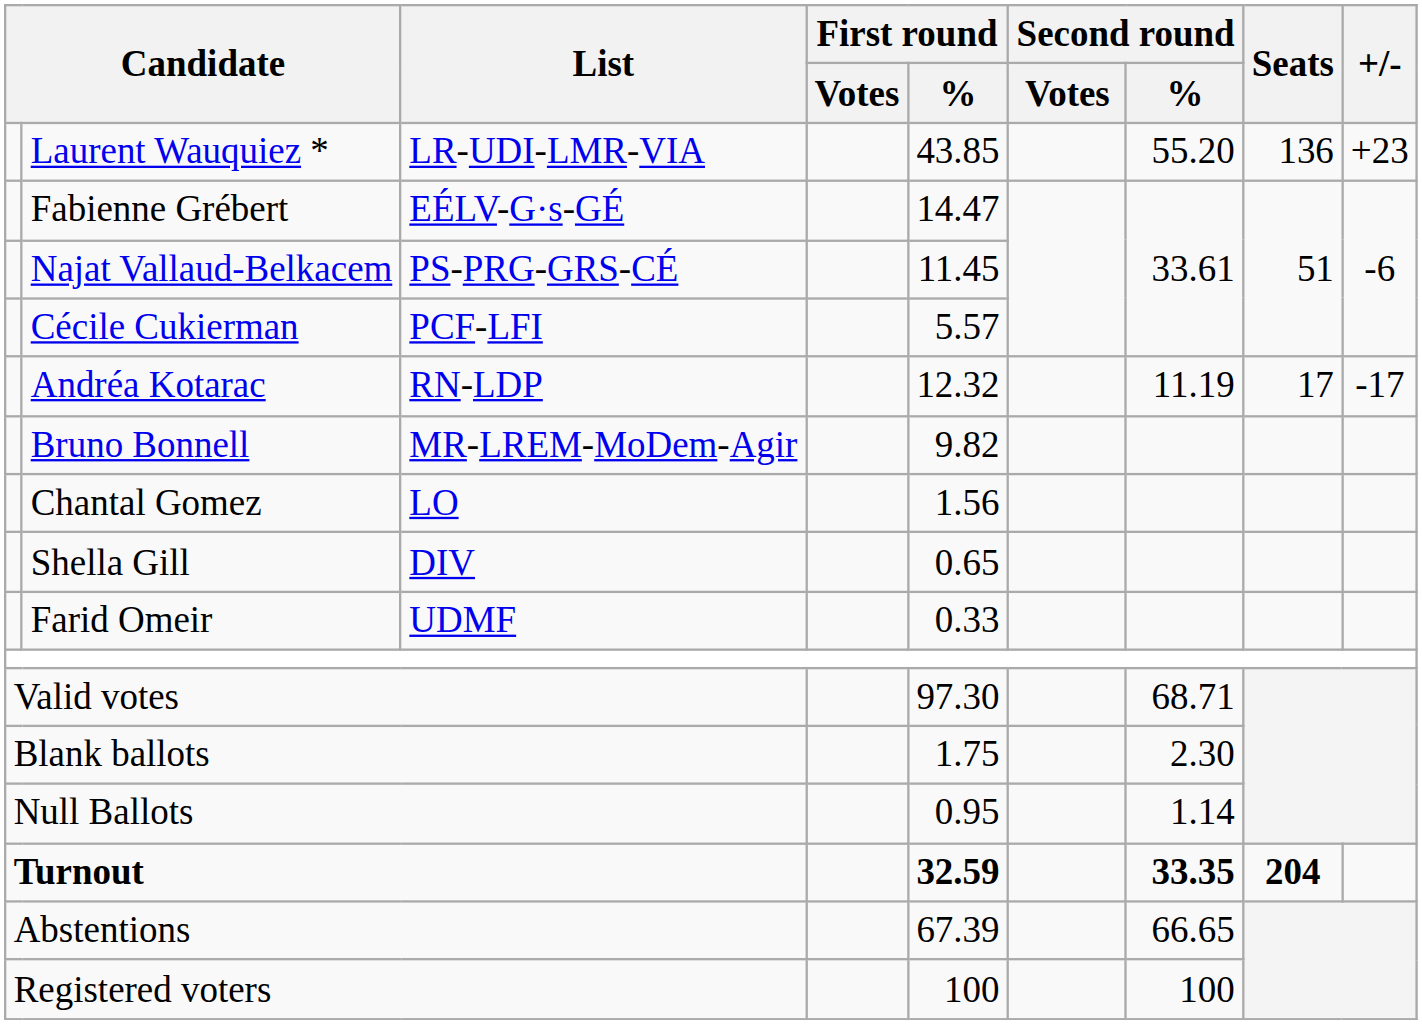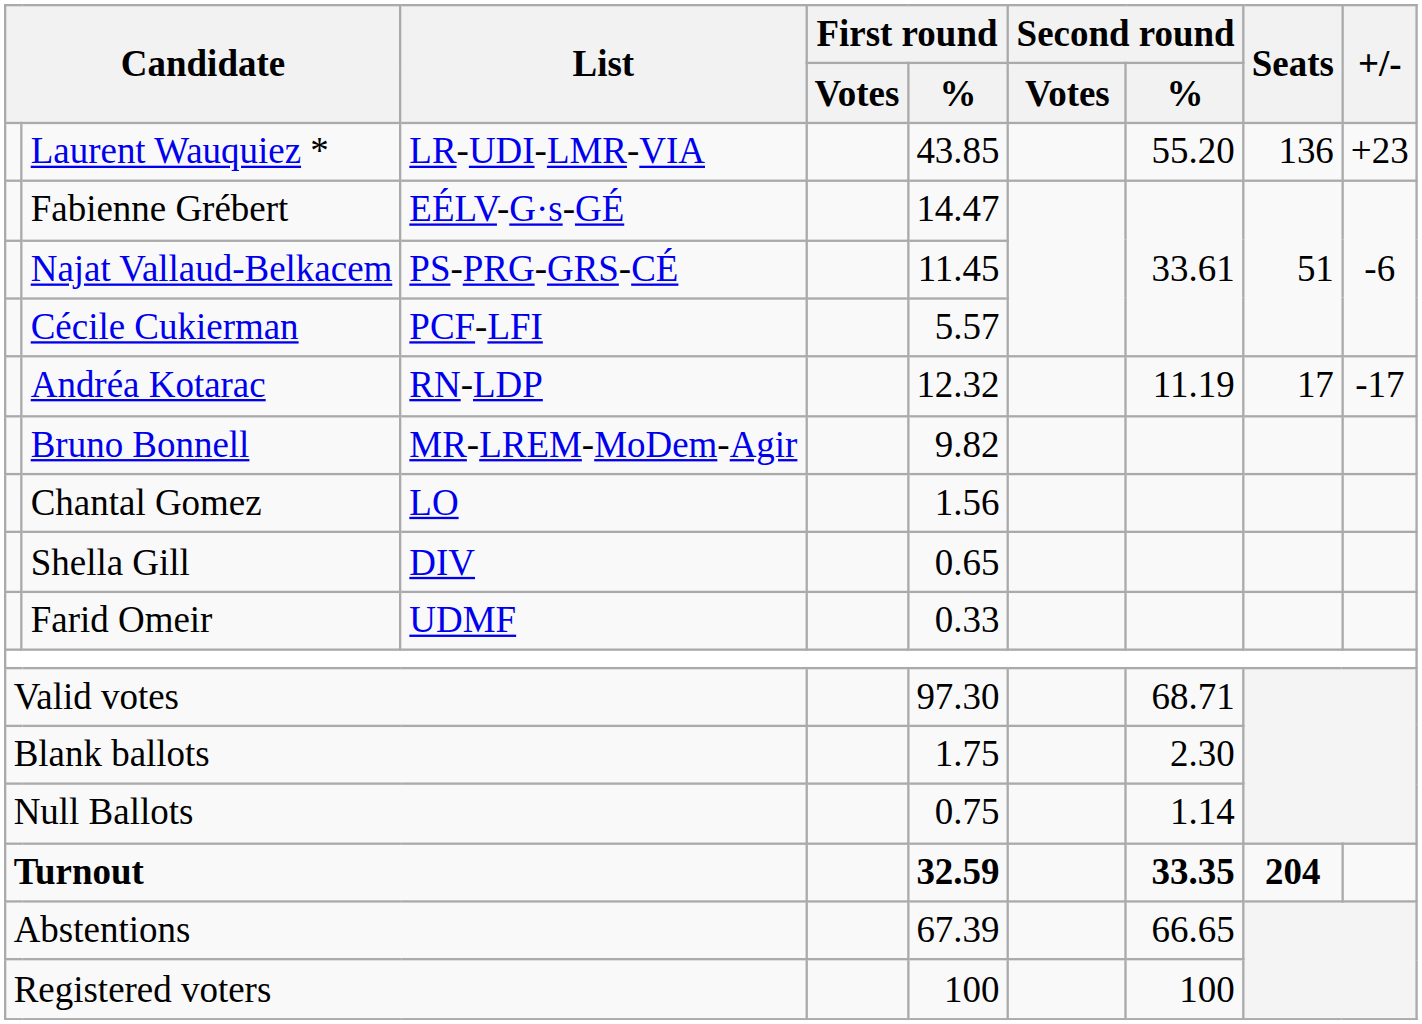 <table class="wikitable centre" style="text-align:right;">
 <tr>
 <th rowspan=2 colspan=2 scope=col>Candidate</th>
 <th rowspan=2 scope=col>List</th>
 <th colspan=2 scope=col>First round</th>
 <th colspan=2 scope=col>Second round</th>
 <th rowspan=2 scope=col>Seats</th>
 <th rowspan=2 scope=col>+/-</th>
 </tr>
 <tr>
 <th scope=col>Votes</th>
 <th scope=col>%</th>
 <th scope=col>Votes</th>
 <th scope=col>%</th>
 </tr>
 <tr>
 <td style="color:inherit;background:"></td>
 <td align="left"><a href='#'>Laurent Wauquiez</a> *</td>
 <td align="left"><a href='#'>LR</a>-<a href='#'>UDI</a>-<a href='#'>LMR</a>-<a href='#'>VIA</a></td>
 <td></td>
 <td>43.85</td>
 <td></td>
 <td>55.20</td>
 <td>136</td>
 <td align="center">+23</td>
 </tr>
 <tr>
 <td style="color:inherit;background:"></td>
 <td align="left">Fabienne Grébert</td>
 <td align="left"><a href='#'>EÉLV</a>-<a href='#'>G·s</a>-<a href='#'>GÉ</a></td>
 <td></td>
 <td>14.47</td>
 <td rowspan="3"></td>
 <td rowspan="3">33.61</td>
 <td rowspan="3">51</td>
 <td rowspan="3" align="center">-6</td>
 </tr>
 <tr>
 <td style="color:inherit;background:"></td>
 <td align="left"><a href='#'>Najat Vallaud-Belkacem</a></td>
 <td align="left"><a href='#'>PS</a>-<a href='#'>PRG</a>-<a href='#'>GRS</a>-<a href='#'>CÉ</a></td>
 <td></td>
 <td>11.45</td>
 </tr>
 <tr>
 <td style="color:inherit;background:"></td>
 <td align="left"><a href='#'>Cécile Cukierman</a></td>
 <td align="left"><a href='#'>PCF</a>-<a href='#'>LFI</a></td>
 <td></td>
 <td>5.57</td>
 </tr>
 <tr>
 <td style="color:inherit;background:"></td>
 <td align="left"><a href='#'>Andréa Kotarac</a></td>
 <td align="left"><a href='#'>RN</a>-<a href='#'>LDP</a></td>
 <td></td>
 <td>12.32</td>
 <td></td>
 <td>11.19</td>
 <td>17</td>
 <td align="center">-17</td>
 </tr>
 <tr>
 <td style="color:inherit;background:"></td>
 <td align="left"><a href='#'>Bruno Bonnell</a></td>
 <td align="left"><a href='#'>MR</a>-<a href='#'>LREM</a>-<a href='#'>MoDem</a>-<a href='#'>Agir</a></td>
 <td></td>
 <td>9.82</td>
 <td></td>
 <td></td>
 <td></td>
 <td align="center"></td>
 </tr>
 <tr>
 <td style="color:inherit;background:"></td>
 <td align="left">Chantal Gomez</td>
 <td align="left"><a href='#'>LO</a></td>
 <td></td>
 <td>1.56</td>
 <td></td>
 <td></td>
 <td></td>
 <td align="center"></td>
 </tr>
 <tr>
 <td style="color:inherit;background:"></td>
 <td align="left">Shella Gill</td>
 <td align="left"><a href='#'>DIV</a></td>
 <td></td>
 <td>0.65</td>
 <td></td>
 <td></td>
 <td></td>
 <td align="center"></td>
 </tr>
 <tr>
 <td style="color:inherit;background:"></td>
 <td align="left">Farid Omeir</td>
 <td align="left"><a href='#'>UDMF</a></td>
 <td></td>
 <td>0.33</td>
 <td></td>
 <td></td>
 <td></td>
 <td align="center"></td>
 </tr>
 <tr style="background:white;">
 <td colspan=9></td>
 </tr>
 <tr>
 <td colspan=3 style="text-align:left;">Valid votes</td>
 <td></td>
 <td>97.30</td>
 <td></td>
 <td>68.71</td>
 <td colspan="2" rowspan="3" bgcolor=#F4F4F4></td>
 </tr>
 <tr>
 <td colspan=3 style="text-align:left;">Blank ballots</td>
 <td></td>
 <td>1.75</td>
 <td></td>
 <td>2.30</td>
 </tr>
 <tr>
 <td colspan=3 style="text-align:left;">Null Ballots</td>
 <td></td>
-<td>0.95</td>
+<td>0.75</td>
 <td></td>
 <td>1.14</td>
 </tr>
 <tr style="font-weight:bold;">
 <td colspan=3 style="text-align:left;">Turnout</td>
 <td></td>
 <td>32.59</td>
 <td></td>
 <td>33.35</td>
 <td align=center>204</td>
 <td align=center></td>
 </tr>
 <tr>
 <td colspan=3 style="text-align:left;">Abstentions</td>
 <td></td>
 <td>67.39</td>
 <td></td>
 <td>66.65</td>
 <td colspan="2" rowspan="2" bgcolor=#F4F4F4></td>
 </tr>
 <tr>
 <td colspan=3 style="text-align:left;">Registered voters</td>
 <td></td>
 <td>100</td>
 <td></td>
 <td>100</td>
 </tr>
 </table>
